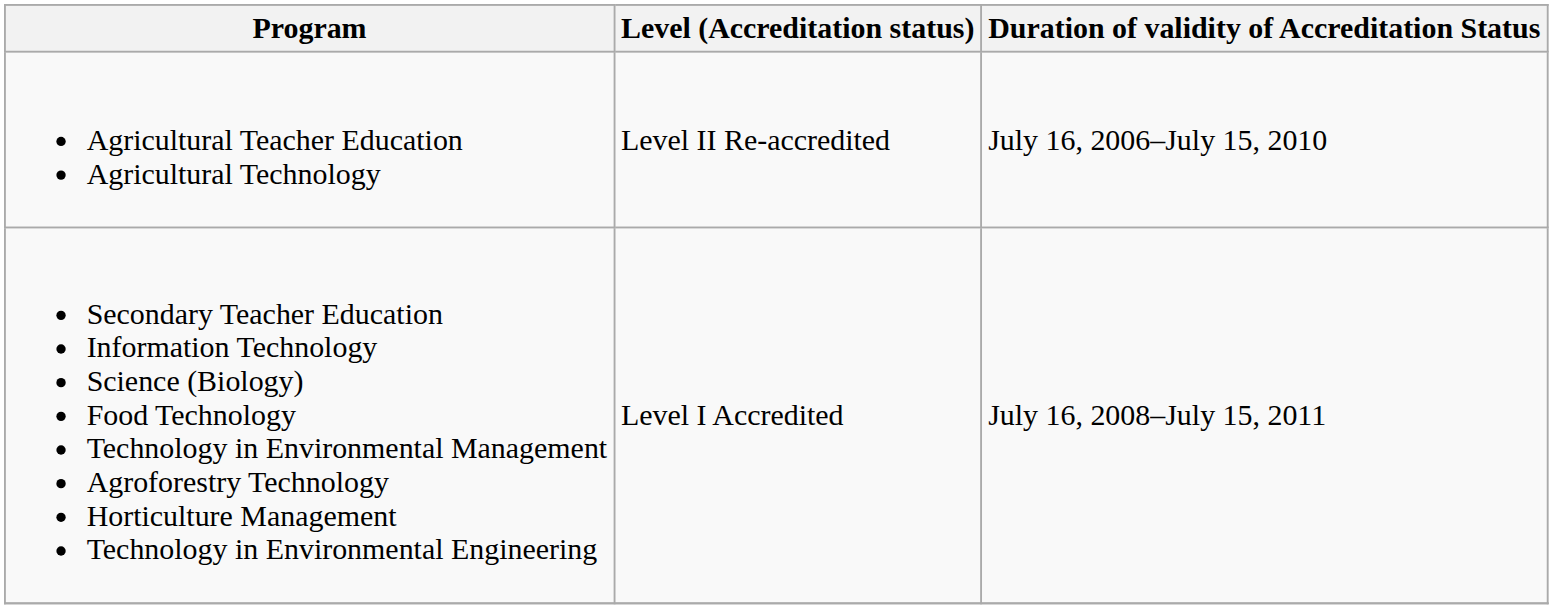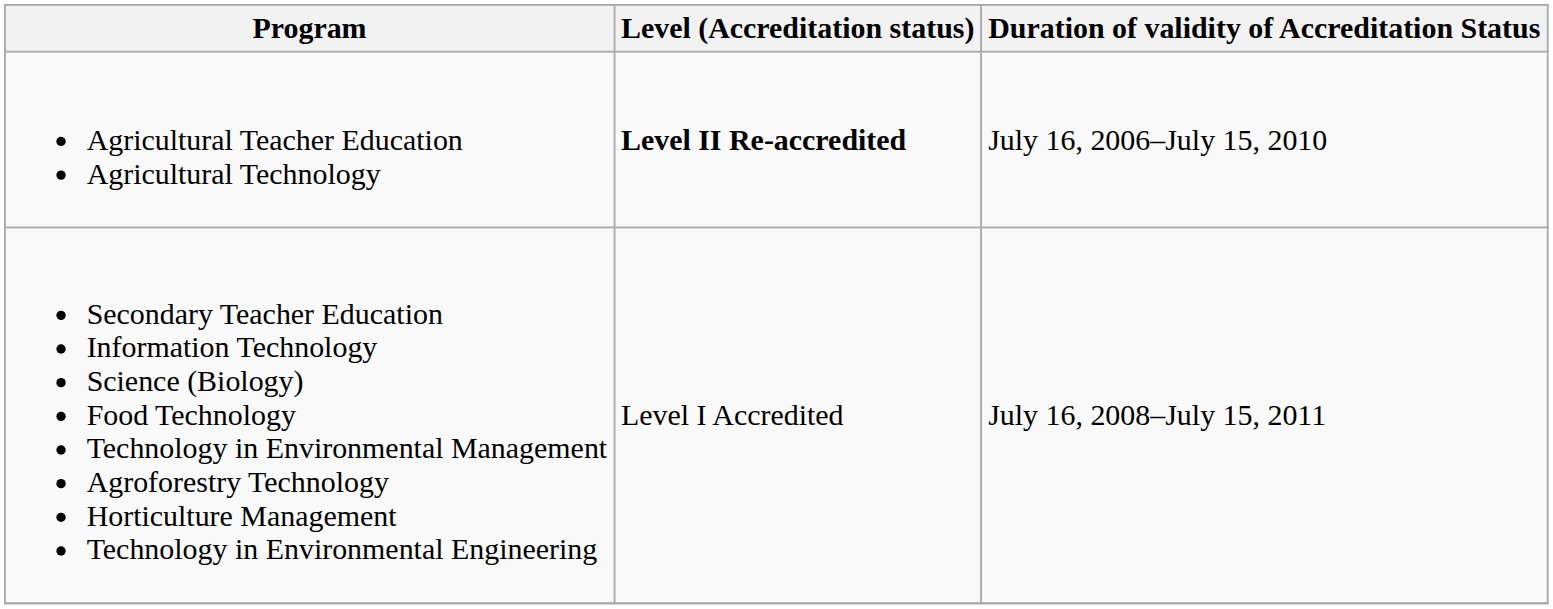 <table class="wikitable">
 <tr>
 <th>Program</th>
 <th>Level (Accreditation status)</th>
 <th>Duration of validity of Accreditation Status</th>
 </tr>
 <tr>
 <td><br><ul><li>Agricultural Teacher Education</li><li>Agricultural Technology</li></ul></td>
-<td>Level II Re-accredited</td>
+<td><strong>Level II Re-accredited</strong></td>
 <td>July 16, 2006–July 15, 2010</td>
 </tr>
 <tr>
 <td><br><ul><li>Secondary Teacher Education</li><li>Information Technology</li><li>Science (Biology)</li><li>Food Technology</li><li>Technology in Environmental Management</li><li>Agroforestry Technology</li><li>Horticulture Management</li><li>Technology in Environmental Engineering</li></ul></td>
 <td>Level I Accredited</td>
 <td>July 16, 2008–July 15, 2011</td>
 </tr>
 <tr>
 </tr>
 </table>
